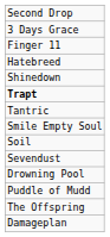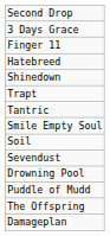 <table class="wikitable">
 <tr>
 <td>Second Drop</td>
 </tr>
 <tr>
 <td>3 Days Grace</td>
 </tr>
 <tr>
 <td>Finger 11</td>
 </tr>
 <tr>
 <td>Hatebreed</td>
 </tr>
 <tr>
 <td>Shinedown</td>
 </tr>
 <tr>
-<td><strong>Trapt</strong></td>
+<td>Trapt</td>
 </tr>
 <tr>
 <td>Tantric</td>
 </tr>
 <tr>
 <td>Smile Empty Soul</td>
 </tr>
 <tr>
 <td>Soil</td>
 </tr>
 <tr>
 <td>Sevendust</td>
 </tr>
 <tr>
 <td>Drowning Pool</td>
 </tr>
 <tr>
 <td>Puddle of Mudd</td>
 </tr>
 <tr>
 <td>The Offspring</td>
 </tr>
 <tr>
 <td>Damageplan</td>
 </tr>
 </table>
